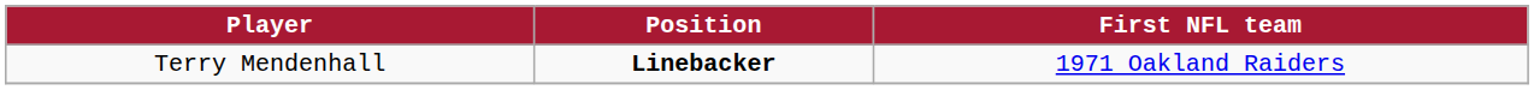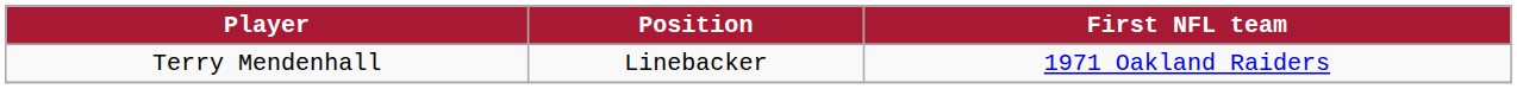 <table class="wikitable" width="65%">
 <tr>
 <th style="background:#A81933;color:#FFFFFF;">Player</th>
 <th style="background:#A81933;color:#FFFFFF;">Position</th>
 <th style="background:#A81933;color:#FFFFFF;">First NFL team</th>
 </tr>
 <tr align="center" bgcolor="">
 <td>Terry Mendenhall</td>
-<td><strong>Linebacker</strong></td>
+<td>Linebacker</td>
 <td><a href='#'>1971 Oakland Raiders</a></td>
 </tr>
 <tr align="center" bgcolor="">
 </tr>
 </table>
